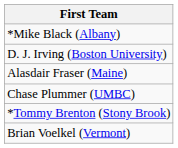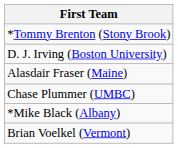 <table class="wikitable">
 <tr>
 <th>First Team</th>
 </tr>
 <tr>
-<td>*Mike Black (<a href='#'>Albany</a>)</td>
+<td>*<a href='#'>Tommy Brenton</a> (<a href='#'>Stony Brook</a>)</td>
 </tr>
 <tr>
 <td>D. J. Irving (<a href='#'>Boston University</a>)</td>
 </tr>
 <tr>
 <td>Alasdair Fraser (<a href='#'>Maine</a>)</td>
 </tr>
 <tr>
 <td>Chase Plummer (<a href='#'>UMBC</a>)</td>
 </tr>
 <tr>
-<td>*<a href='#'>Tommy Brenton</a> (<a href='#'>Stony Brook</a>)</td>
+<td>*Mike Black (<a href='#'>Albany</a>)</td>
 </tr>
 <tr>
 <td>Brian Voelkel (<a href='#'>Vermont</a>)</td>
 </tr>
 </table>
